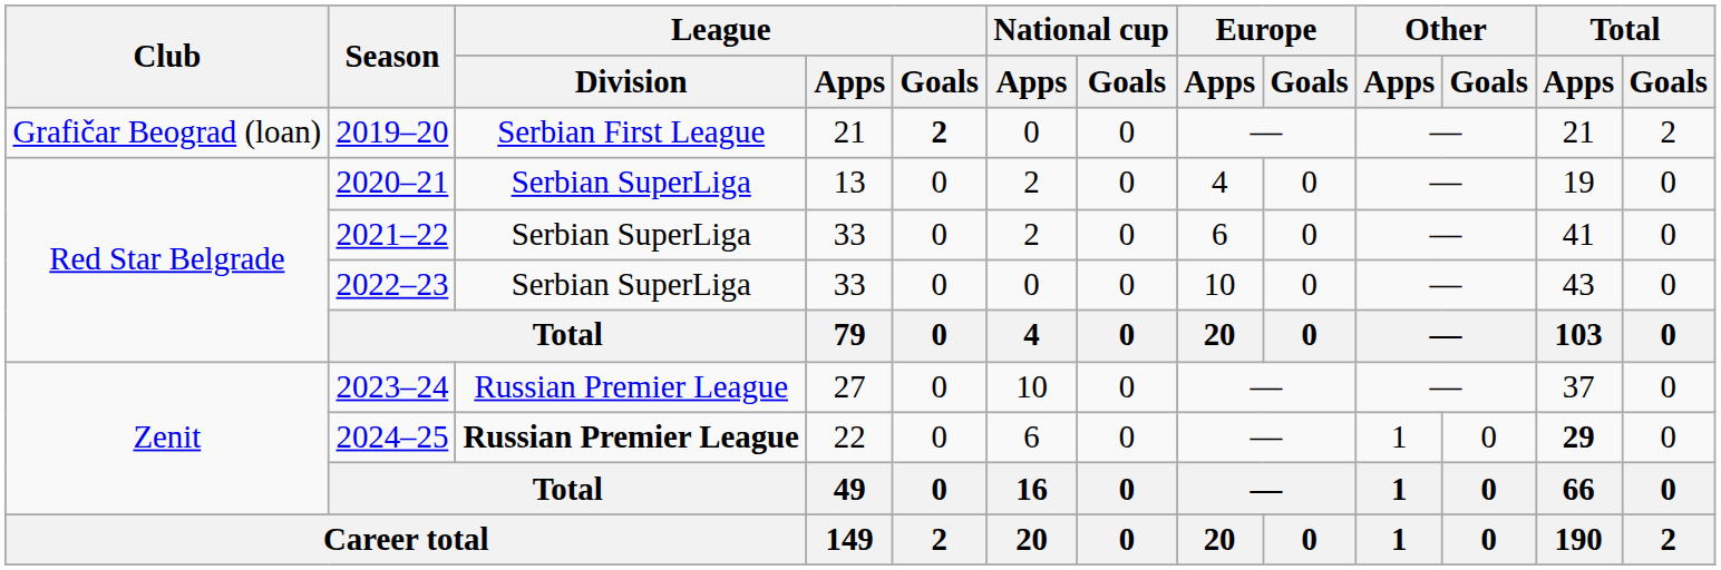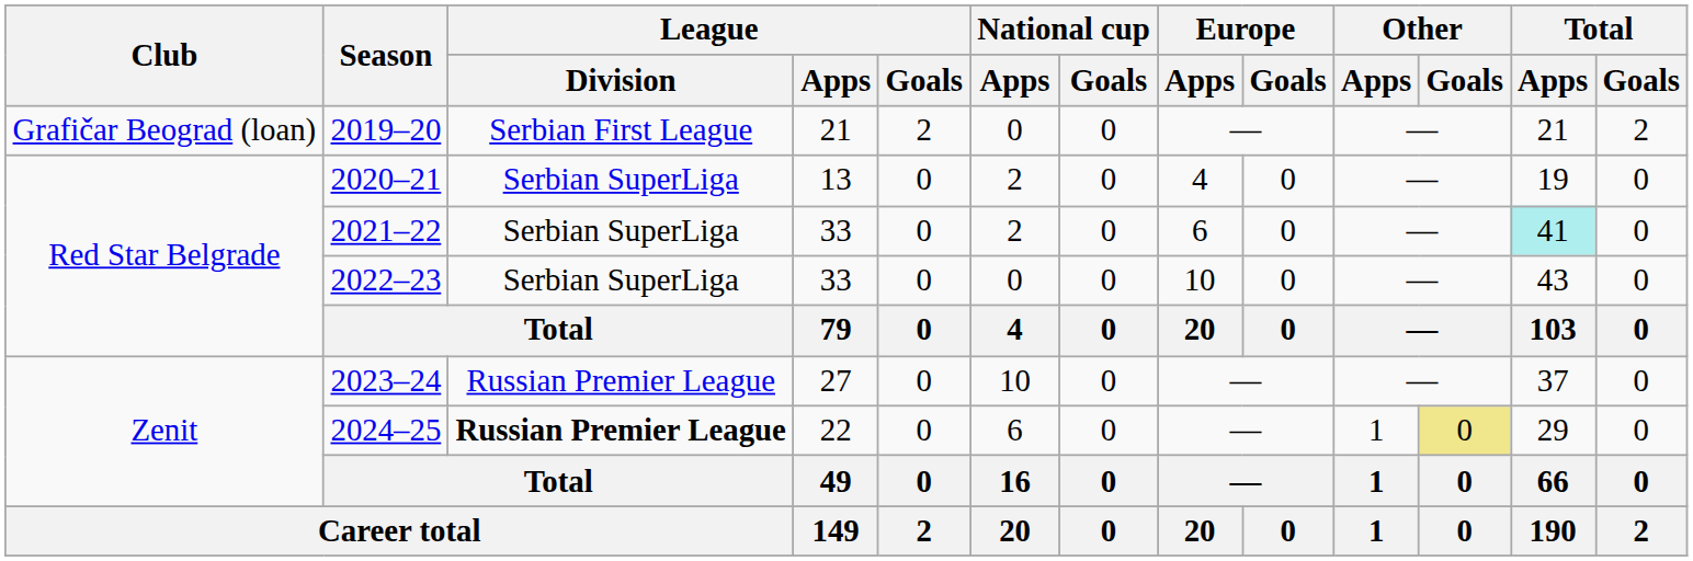 <table class="wikitable" style="text-align:center">
 <tr>
 <th rowspan="2">Club</th>
 <th rowspan="2">Season</th>
 <th colspan="3">League</th>
 <th colspan="2">National cup</th>
 <th colspan="2">Europe</th>
 <th colspan="2">Other</th>
 <th colspan="2">Total</th>
 </tr>
 <tr>
 <th>Division</th>
 <th>Apps</th>
 <th>Goals</th>
 <th>Apps</th>
 <th>Goals</th>
 <th>Apps</th>
 <th>Goals</th>
 <th>Apps</th>
 <th>Goals</th>
 <th>Apps</th>
 <th>Goals</th>
 </tr>
 <tr>
 <td><a href='#'>Grafičar Beograd</a> (loan)</td>
 <td><a href='#'>2019–20</a></td>
 <td><a href='#'>Serbian First League</a></td>
 <td>21</td>
-<td><strong>2</strong></td>
+<td>2</td>
 <td>0</td>
 <td>0</td>
 <td colspan="2">—</td>
 <td colspan="2">—</td>
 <td>21</td>
 <td>2</td>
 </tr>
 <tr>
 <td rowspan="4"><a href='#'>Red Star Belgrade</a></td>
 <td><a href='#'>2020–21</a></td>
 <td><a href='#'>Serbian SuperLiga</a></td>
 <td>13</td>
 <td>0</td>
 <td>2</td>
 <td>0</td>
 <td>4</td>
 <td>0</td>
 <td colspan="2">—</td>
 <td>19</td>
 <td>0</td>
 </tr>
 <tr>
 <td><a href='#'>2021–22</a></td>
 <td>Serbian SuperLiga</td>
 <td>33</td>
 <td>0</td>
 <td>2</td>
 <td>0</td>
 <td>6</td>
 <td>0</td>
 <td colspan="2">—</td>
-<td>41</td>
+<td style="background: paleturquoise;">41</td>
 <td>0</td>
 </tr>
 <tr>
 <td><a href='#'>2022–23</a></td>
 <td>Serbian SuperLiga</td>
 <td>33</td>
 <td>0</td>
 <td>0</td>
 <td>0</td>
 <td>10</td>
 <td>0</td>
 <td colspan="2">—</td>
 <td>43</td>
 <td>0</td>
 </tr>
 <tr>
 <th colspan="2">Total</th>
 <th>79</th>
 <th>0</th>
 <th>4</th>
 <th>0</th>
 <th>20</th>
 <th>0</th>
 <th colspan="2">—</th>
 <th>103</th>
 <th>0</th>
 </tr>
 <tr>
 <td rowspan="3"><a href='#'>Zenit</a></td>
 <td><a href='#'>2023–24</a></td>
 <td><a href='#'>Russian Premier League</a></td>
 <td>27</td>
 <td>0</td>
 <td>10</td>
 <td>0</td>
 <td colspan="2">—</td>
 <td colspan="2">—</td>
 <td>37</td>
 <td>0</td>
 </tr>
 <tr>
 <td><a href='#'>2024–25</a></td>
 <td><strong>Russian Premier League</strong></td>
 <td>22</td>
 <td>0</td>
 <td>6</td>
 <td>0</td>
 <td colspan="2">—</td>
 <td>1</td>
-<td>0</td>
-<td><strong>29</strong></td>
+<td style="background: khaki;">0</td>
+<td>29</td>
 <td>0</td>
 </tr>
 <tr>
 <th colspan="2">Total</th>
 <th>49</th>
 <th>0</th>
 <th>16</th>
 <th>0</th>
 <th colspan="2">—</th>
 <th>1</th>
 <th>0</th>
 <th>66</th>
 <th>0</th>
 </tr>
 <tr>
 <th colspan="3">Career total</th>
 <th>149</th>
 <th>2</th>
 <th>20</th>
 <th>0</th>
 <th>20</th>
 <th>0</th>
 <th>1</th>
 <th>0</th>
 <th>190</th>
 <th>2</th>
 </tr>
 </table>
